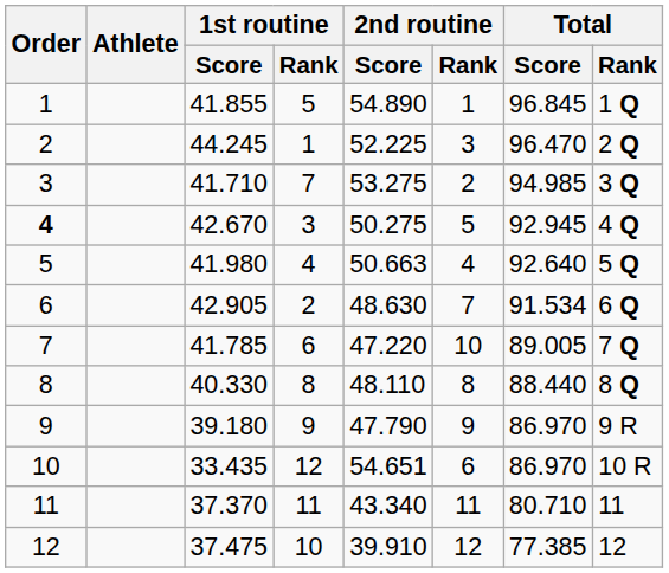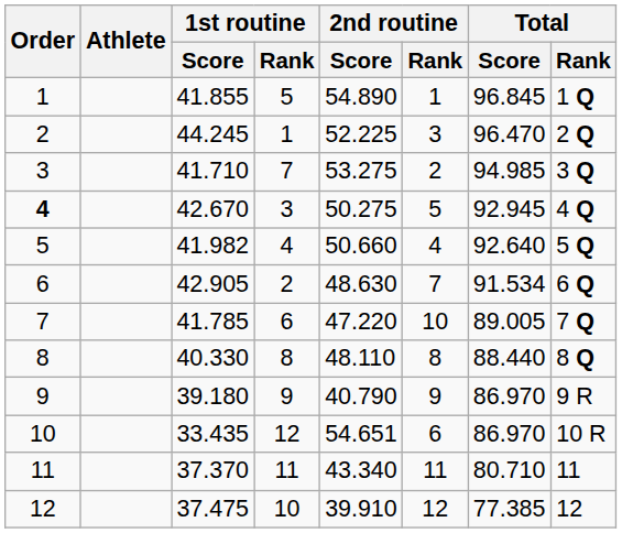 <table class=wikitable>
 <tr>
 <th rowspan=2>Order</th>
 <th rowspan=2>Athlete</th>
 <th colspan="2">1st routine</th>
 <th colspan="2">2nd routine</th>
 <th colspan="2">Total</th>
 </tr>
 <tr style="font-size:95%">
 <th>Score</th>
 <th>Rank</th>
 <th>Score</th>
 <th>Rank</th>
 <th>Score</th>
 <th>Rank</th>
 </tr>
 <tr align=left>
 <td align=center>1</td>
 <td></td>
 <td>41.855</td>
 <td align=center>5</td>
 <td>54.890</td>
 <td align=center>1</td>
 <td>96.845</td>
 <td>1 <strong>Q</strong></td>
 </tr>
 <tr>
 <td align=center>2</td>
 <td></td>
 <td>44.245</td>
 <td align=center>1</td>
 <td>52.225</td>
 <td align=center>3</td>
 <td>96.470</td>
 <td>2 <strong>Q</strong></td>
 </tr>
 <tr>
 <td align=center>3</td>
 <td></td>
 <td>41.710</td>
 <td align=center>7</td>
 <td>53.275</td>
 <td align=center>2</td>
 <td>94.985</td>
 <td>3 <strong>Q</strong></td>
 </tr>
 <tr>
 <td align=center><strong>4</strong></td>
 <td></td>
 <td>42.670</td>
 <td align=center>3</td>
 <td>50.275</td>
 <td align=center>5</td>
 <td>92.945</td>
 <td>4 <strong>Q</strong></td>
 </tr>
 <tr>
 <td align=center>5</td>
 <td></td>
-<td>41.980</td>
+<td>41.982</td>
 <td align=center>4</td>
-<td>50.663</td>
+<td>50.660</td>
 <td align=center>4</td>
 <td>92.640</td>
 <td>5 <strong>Q</strong></td>
 </tr>
 <tr>
 <td align=center>6</td>
 <td></td>
 <td>42.905</td>
 <td align=center>2</td>
 <td>48.630</td>
 <td align=center>7</td>
 <td>91.534</td>
 <td>6 <strong>Q</strong></td>
 </tr>
 <tr>
 <td align=center>7</td>
 <td></td>
 <td>41.785</td>
 <td align=center>6</td>
 <td>47.220</td>
 <td align=center>10</td>
 <td>89.005</td>
 <td>7 <strong>Q</strong></td>
 </tr>
 <tr>
 <td align=center>8</td>
 <td></td>
 <td>40.330</td>
 <td align=center>8</td>
 <td>48.110</td>
 <td align=center>8</td>
 <td>88.440</td>
 <td>8 <strong>Q</strong></td>
 </tr>
 <tr>
 <td align=center>9</td>
 <td></td>
 <td>39.180</td>
 <td align=center>9</td>
-<td>47.790</td>
+<td>40.790</td>
 <td align=center>9</td>
 <td>86.970</td>
 <td>9 R</td>
 </tr>
 <tr>
 <td align=center>10</td>
 <td></td>
 <td>33.435</td>
 <td align=center>12</td>
 <td>54.651</td>
 <td align=center>6</td>
 <td>86.970</td>
 <td>10 R</td>
 </tr>
 <tr>
 <td align=center>11</td>
 <td></td>
 <td>37.370</td>
 <td align=center>11</td>
 <td>43.340</td>
 <td align=center>11</td>
 <td>80.710</td>
 <td>11</td>
 </tr>
 <tr>
 <td align=center>12</td>
 <td></td>
 <td>37.475</td>
 <td align=center>10</td>
 <td>39.910</td>
 <td align=center>12</td>
 <td>77.385</td>
 <td>12</td>
 </tr>
 </table>
